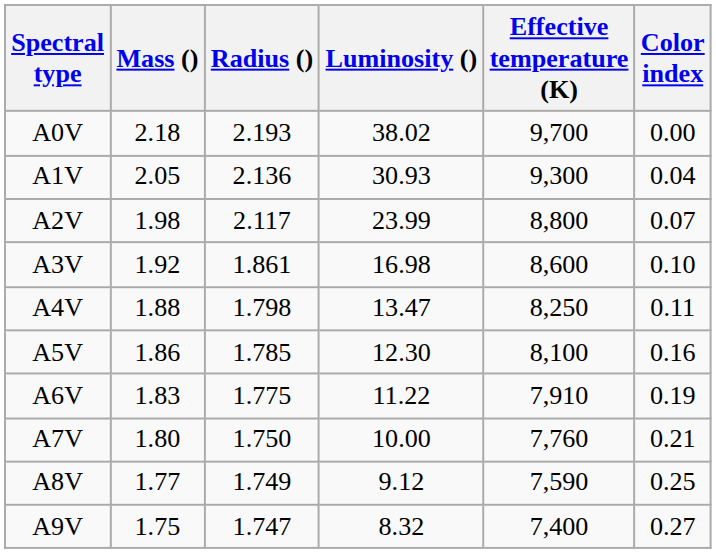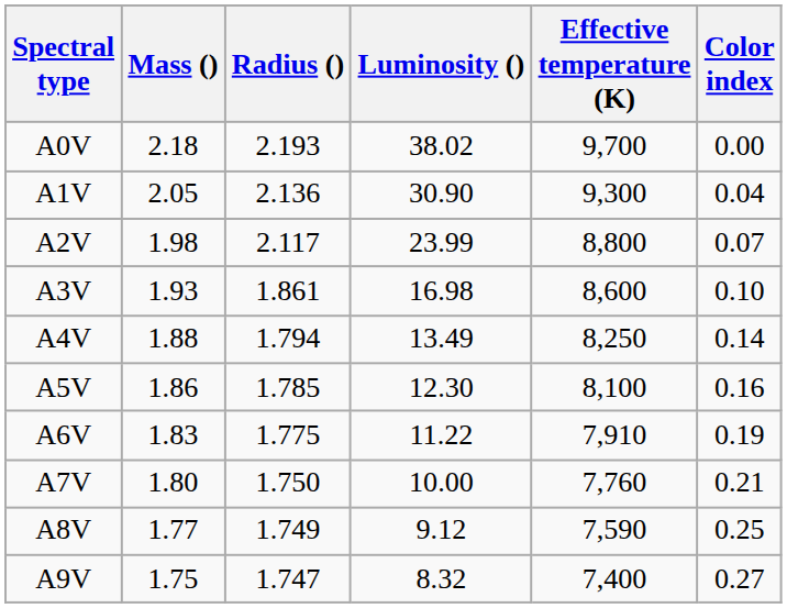 <table class="wikitable floatright" style="text-align:center; font-size:smaller;">
 <tr>
 <th><a href='#'>Spectral<br>type</a></th>
 <th><a href='#'>Mass</a> ()</th>
 <th><a href='#'>Radius</a> ()</th>
 <th><a href='#'>Luminosity</a> ()</th>
 <th><a href='#'>Effective<br>temperature</a><br>(K)</th>
 <th><a href='#'>Color<br>index</a><br></th>
 </tr>
 <tr>
 <td>A0V</td>
 <td>2.18</td>
 <td>2.193</td>
 <td>38.02</td>
 <td style="background-color:#">9,700</td>
 <td>0.00</td>
 </tr>
 <tr>
 <td>A1V</td>
 <td>2.05</td>
 <td>2.136</td>
-<td>30.93</td>
+<td>30.90</td>
 <td style="background-color:#">9,300</td>
 <td>0.04</td>
 </tr>
 <tr>
 <td>A2V</td>
 <td>1.98</td>
 <td>2.117</td>
 <td>23.99</td>
 <td style="background-color:#">8,800</td>
 <td>0.07</td>
 </tr>
 <tr>
 <td>A3V</td>
-<td>1.92</td>
+<td>1.93</td>
 <td>1.861</td>
 <td>16.98</td>
 <td style="background-color:#">8,600</td>
 <td>0.10</td>
 </tr>
 <tr>
 <td>A4V</td>
 <td>1.88</td>
-<td>1.798</td>
-<td>13.47</td>
+<td>1.794</td>
+<td>13.49</td>
 <td style="background-color:#">8,250</td>
-<td>0.11</td>
+<td>0.14</td>
 </tr>
 <tr>
 <td>A5V</td>
 <td>1.86</td>
 <td>1.785</td>
 <td>12.30</td>
 <td style="background-color:#">8,100</td>
 <td>0.16</td>
 </tr>
 <tr>
 <td>A6V</td>
 <td>1.83</td>
 <td>1.775</td>
 <td>11.22</td>
 <td style="background-color:#">7,910</td>
 <td>0.19</td>
 </tr>
 <tr>
 <td>A7V</td>
 <td>1.80</td>
 <td>1.750</td>
 <td>10.00</td>
 <td style="background-color:#">7,760</td>
 <td>0.21</td>
 </tr>
 <tr>
 <td>A8V</td>
 <td>1.77</td>
 <td>1.749</td>
 <td>9.12</td>
 <td style="background-color:#">7,590</td>
 <td>0.25</td>
 </tr>
 <tr>
 <td>A9V</td>
 <td>1.75</td>
 <td>1.747</td>
 <td>8.32</td>
 <td style="background-color:#">7,400</td>
 <td>0.27</td>
 </tr>
 </table>
